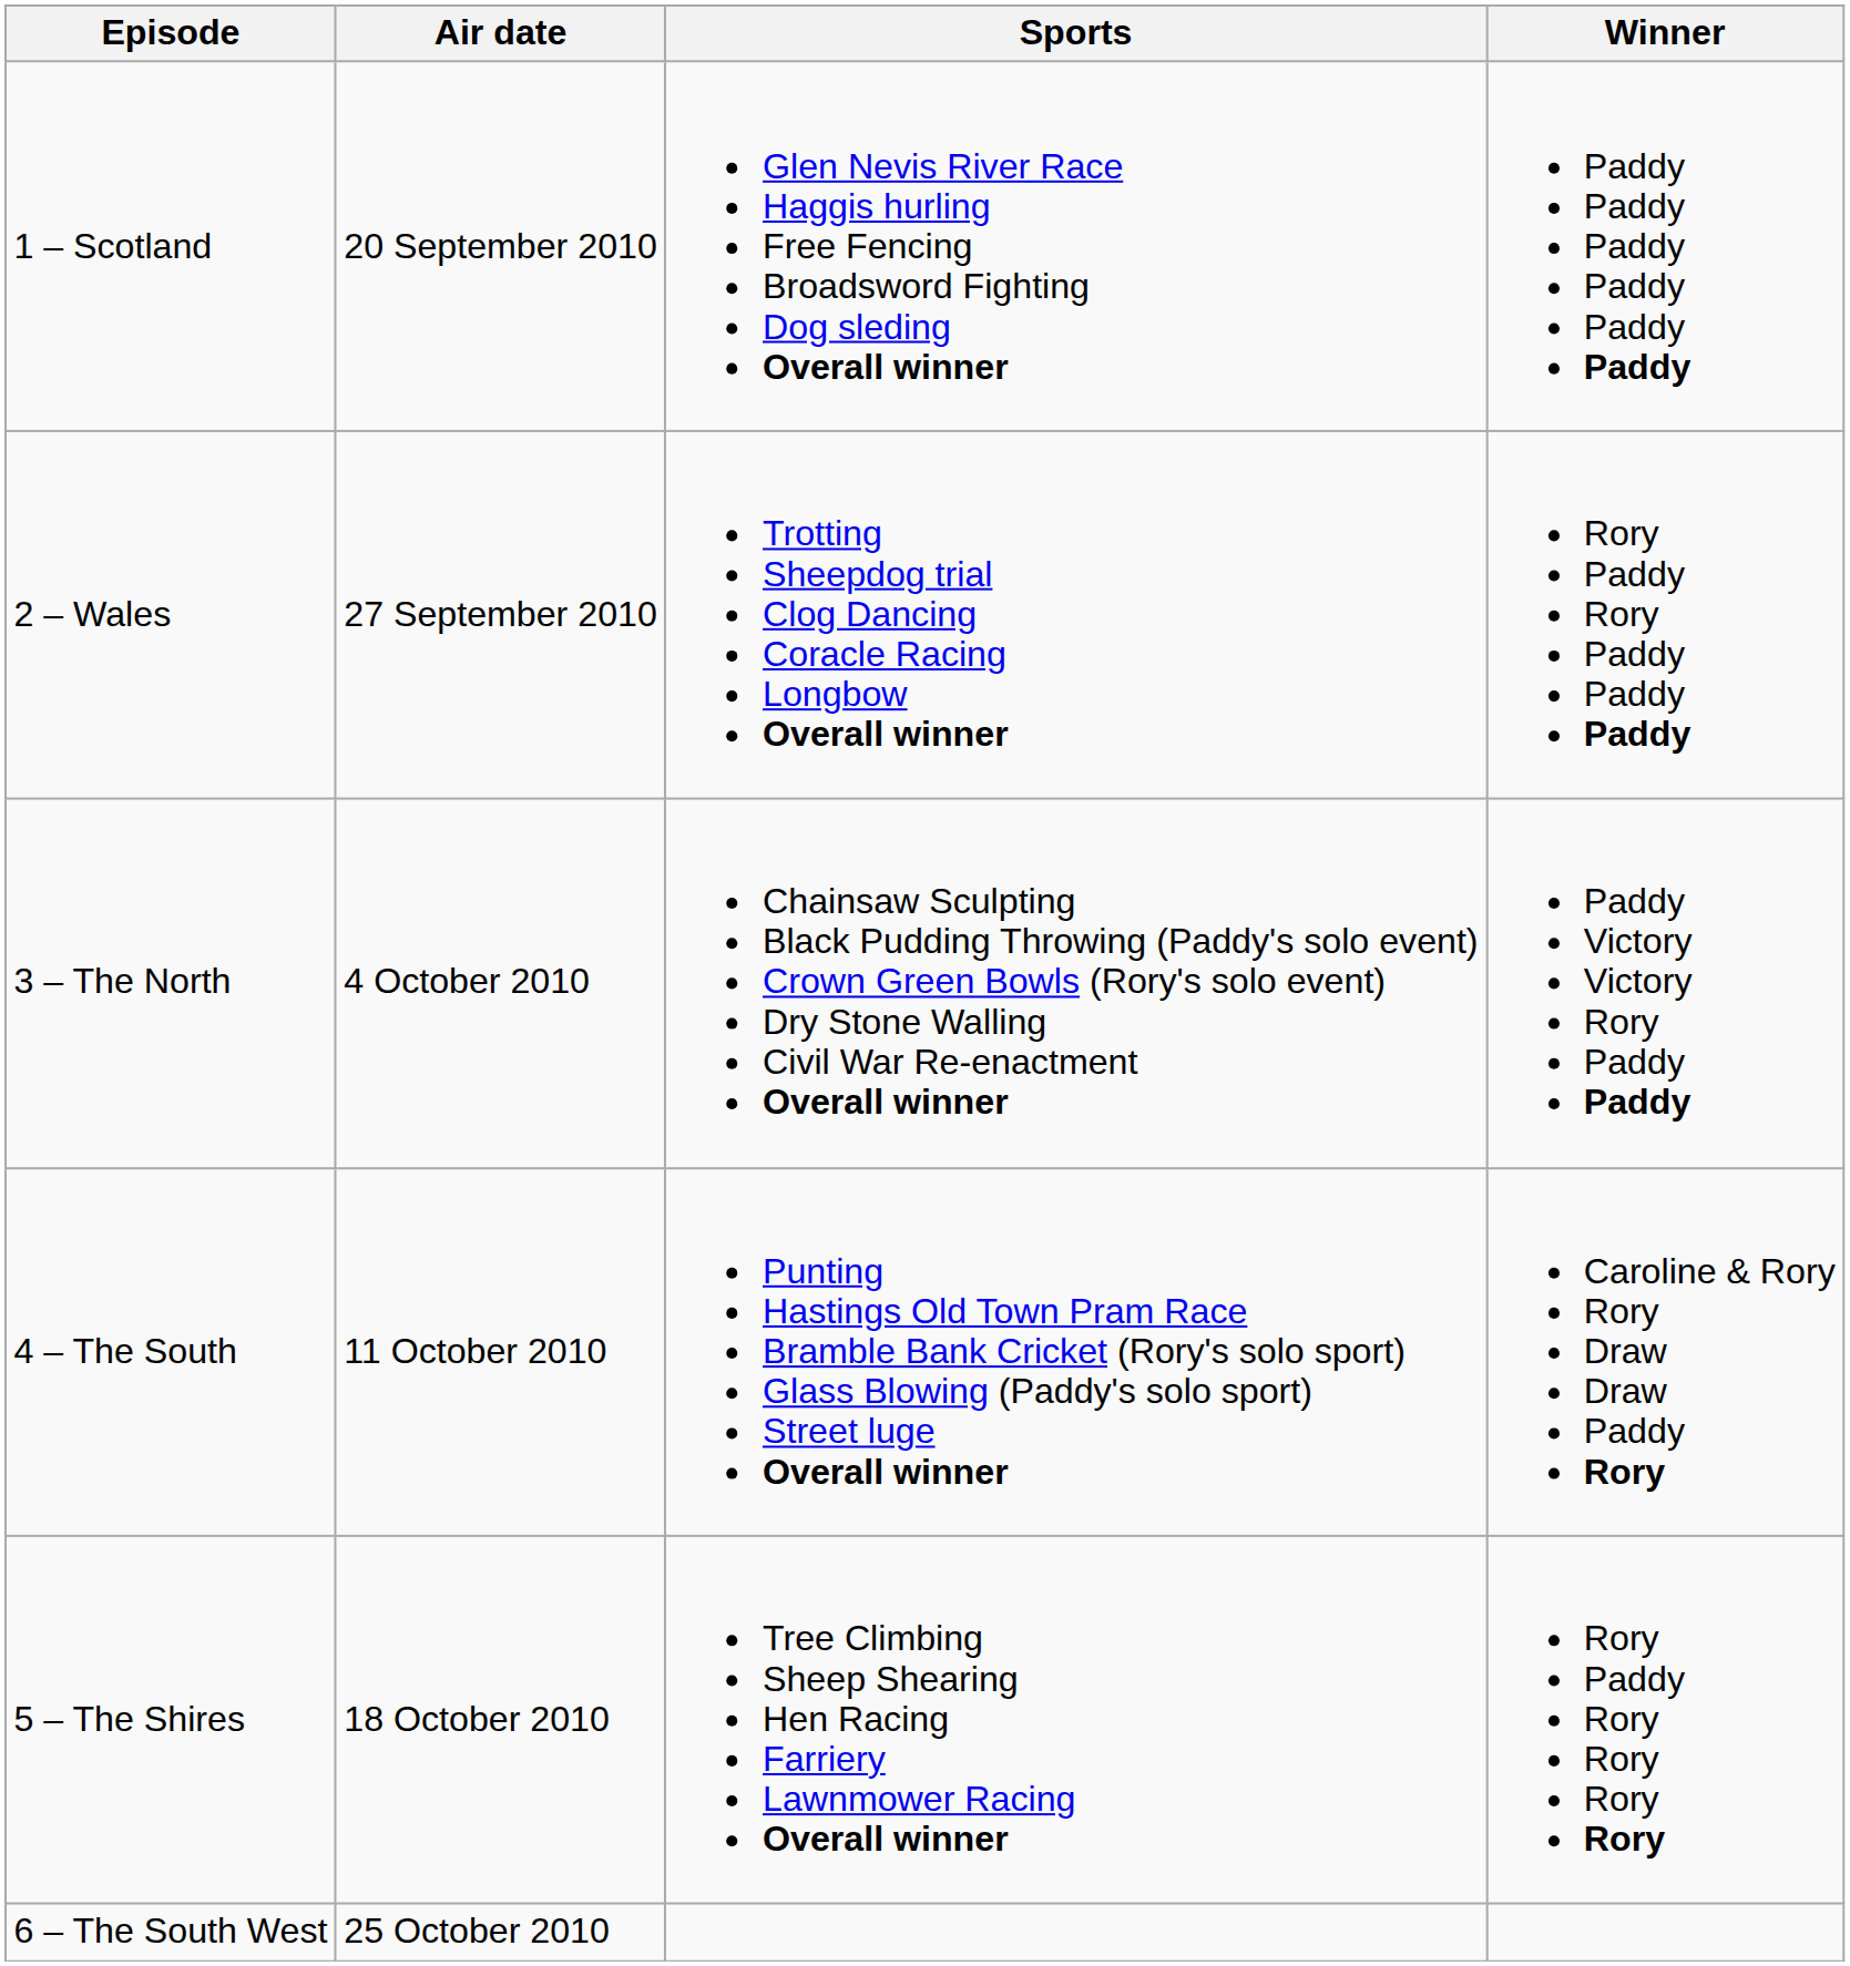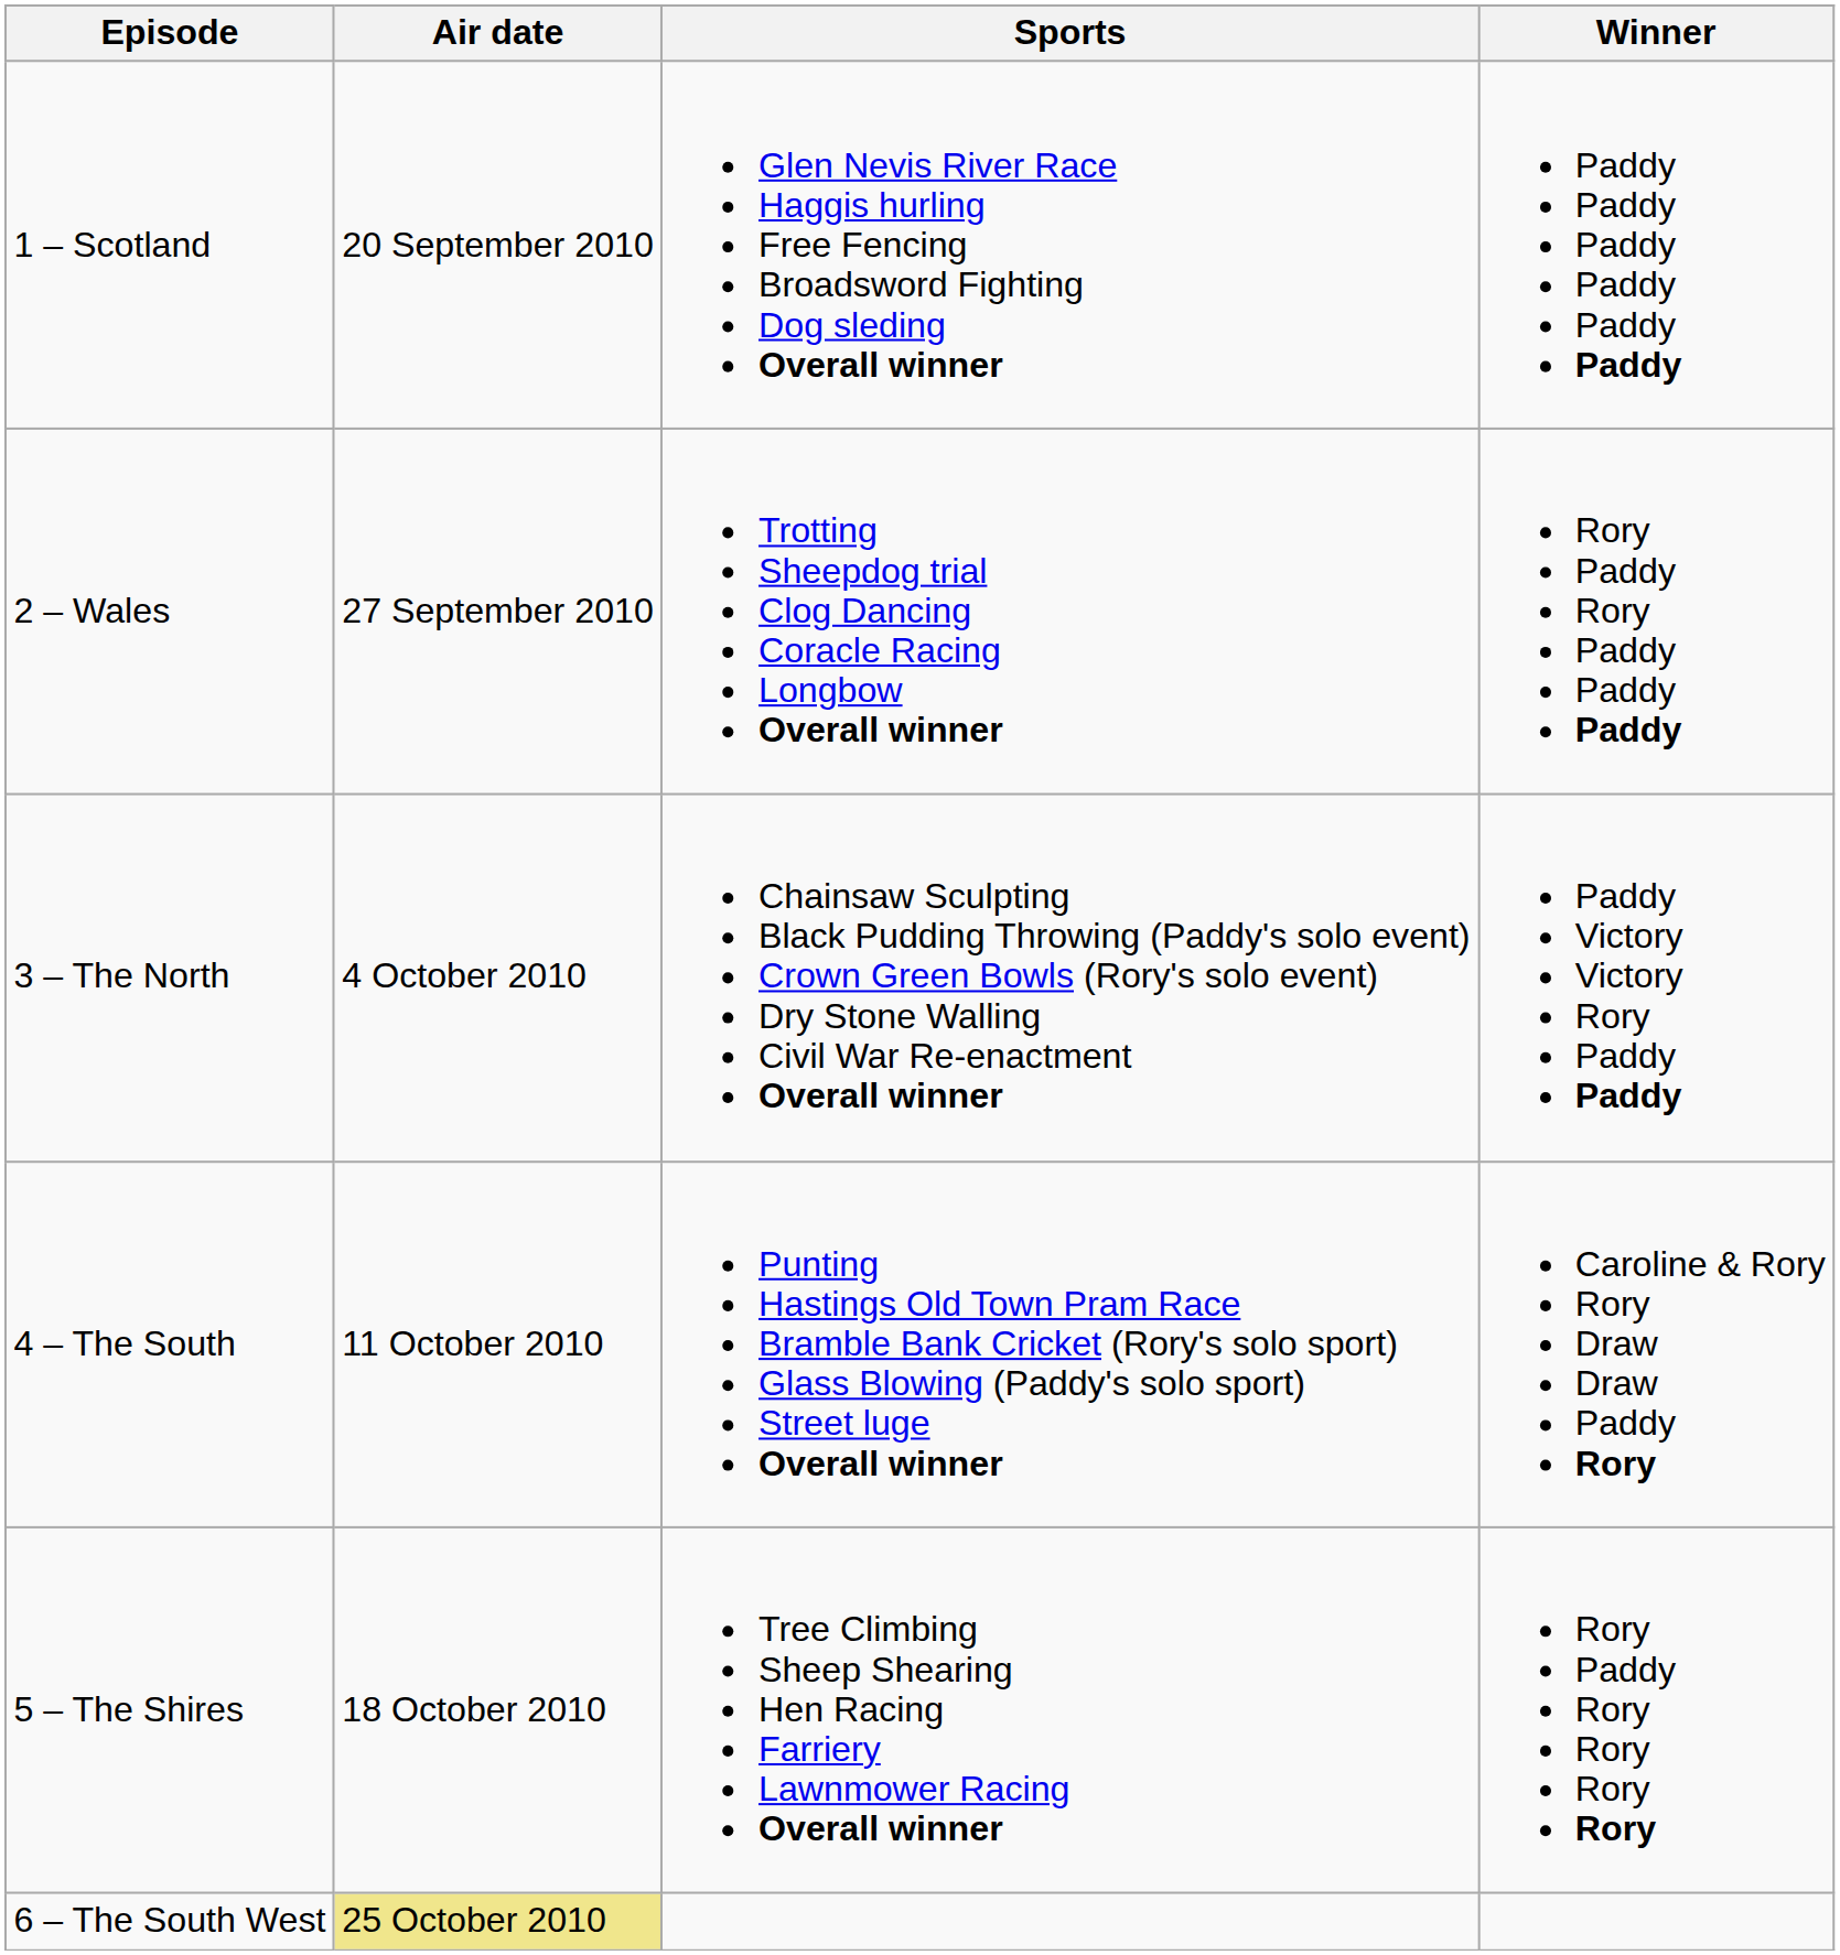 <table class="wikitable">
 <tr>
 <th>Episode</th>
 <th>Air date</th>
 <th>Sports</th>
 <th>Winner</th>
 </tr>
 <tr>
 <td>1 – Scotland</td>
 <td>20 September 2010</td>
 <td><br><ul><li><a href='#'>Glen Nevis River Race</a></li><li><a href='#'>Haggis hurling</a></li><li>Free Fencing</li><li>Broadsword Fighting</li><li><a href='#'>Dog sleding</a></li><li><strong>Overall winner</strong></li></ul></td>
 <td><br><ul><li>Paddy</li><li>Paddy</li><li>Paddy</li><li>Paddy</li><li>Paddy</li><li><strong>Paddy</strong></li></ul></td>
 </tr>
 <tr>
 <td>2 – Wales</td>
 <td>27 September 2010</td>
 <td><br><ul><li><a href='#'>Trotting</a></li><li><a href='#'>Sheepdog trial</a></li><li><a href='#'>Clog Dancing</a></li><li><a href='#'>Coracle Racing</a></li><li><a href='#'>Longbow</a></li><li><strong>Overall winner</strong></li></ul></td>
 <td><br><ul><li>Rory</li><li>Paddy</li><li>Rory</li><li>Paddy</li><li>Paddy</li><li><strong>Paddy</strong></li></ul></td>
 </tr>
 <tr>
 <td>3 – The North</td>
 <td>4 October 2010</td>
 <td><br><ul><li>Chainsaw Sculpting</li><li>Black Pudding Throwing (Paddy's solo event)</li><li><a href='#'>Crown Green Bowls</a> (Rory's solo event)</li><li>Dry Stone Walling</li><li>Civil War Re-enactment</li><li><strong>Overall winner</strong></li></ul></td>
 <td><br><ul><li>Paddy</li><li>Victory</li><li>Victory</li><li>Rory</li><li>Paddy</li><li><strong>Paddy</strong></li></ul></td>
 </tr>
 <tr>
 <td>4 – The South</td>
 <td>11 October 2010</td>
 <td><br><ul><li><a href='#'>Punting</a></li><li><a href='#'>Hastings Old Town Pram Race</a></li><li><a href='#'>Bramble Bank Cricket</a> (Rory's solo sport)</li><li><a href='#'>Glass Blowing</a> (Paddy's solo sport)</li><li><a href='#'>Street luge</a></li><li><strong>Overall winner</strong></li></ul></td>
 <td><br><ul><li>Caroline & Rory</li><li>Rory</li><li>Draw</li><li>Draw</li><li>Paddy</li><li><strong>Rory</strong></li></ul></td>
 </tr>
 <tr>
 <td>5 – The Shires</td>
 <td>18 October 2010</td>
 <td><br><ul><li>Tree Climbing</li><li>Sheep Shearing</li><li>Hen Racing</li><li><a href='#'>Farriery</a></li><li><a href='#'>Lawnmower Racing</a></li><li><strong>Overall winner</strong></li></ul></td>
 <td><br><ul><li>Rory</li><li>Paddy</li><li>Rory</li><li>Rory</li><li>Rory</li><li><strong>Rory</strong></li></ul></td>
 </tr>
 <tr>
 <td>6 – The South West</td>
-<td>25 October 2010</td>
+<td style="background: khaki;">25 October 2010</td>
 <td></td>
 </tr>
 </table>
